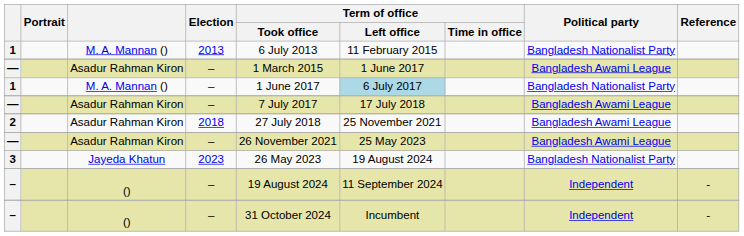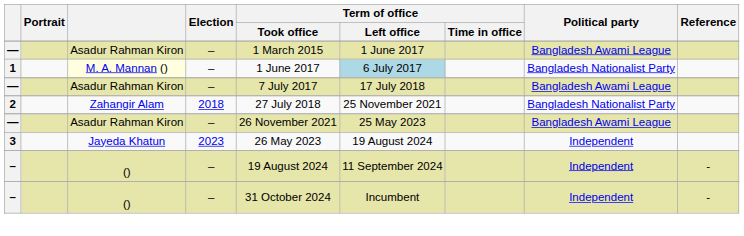 <table class="wikitable" style="text-align:center">
 <tr>
 <th rowspan="2"></th>
 <th rowspan="2">Portrait</th>
 <th rowspan="2"></th>
 <th rowspan="2">Election</th>
 <th colspan="3"><strong>Term of office</strong></th>
 <th rowspan="2"><strong>Political party</strong></th>
 <th rowspan="2"><strong>Reference</strong></th>
 </tr>
 <tr>
 <th><strong>Took office</strong></th>
 <th><strong>Left office</strong></th>
 <th><strong>Time in office</strong></th>
-</tr>
-<tr>
-<th style="background:">1</th>
-<td align=center></td>
-<td><a href='#'>M. A. Mannan</a> ()</td>
-<td><a href='#'>2013</a></td>
-<td align=center>6 July 2013</td>
-<td align=center>11 February 2015</td>
-<td></td>
-<td><a href='#'>Bangladesh Nationalist Party</a></td>
-<td></td>
 </tr>
 <tr>
 </tr>
 <tr style="background:#e6e6aa;">
 <th style="background:">—</th>
 <td align=center></td>
 <td>Asadur Rahman Kiron</td>
 <td>–</td>
 <td align=center>1 March 2015</td>
 <td align=center>1 June 2017</td>
 <td></td>
 <td><a href='#'>Bangladesh Awami League</a></td>
 <td></td>
 </tr>
 <tr>
 <th style="background:">1</th>
 <td align=center></td>
-<td><a href='#'>M. A. Mannan</a> ()</td>
+<td style="background: lightyellow;"><a href='#'>M. A. Mannan</a> ()</td>
 <td>–</td>
 <td align=center>1 June 2017</td>
 <td align=center style="background: lightblue;">6 July 2017</td>
 <td></td>
 <td><a href='#'>Bangladesh Nationalist Party</a></td>
 <td></td>
 </tr>
 <tr>
 </tr>
 <tr style="background:#e6e6aa;">
 <th style="background:">—</th>
 <td align=center></td>
 <td>Asadur Rahman Kiron</td>
 <td>–</td>
 <td align=center>7 July 2017</td>
 <td align=center>17 July 2018</td>
 <td></td>
 <td><a href='#'>Bangladesh Awami League</a></td>
 <td></td>
 </tr>
 <tr>
 </tr>
 <tr>
 <th style="background:">2</th>
 <td></td>
-<td>Asadur Rahman Kiron</td>
+<td><a href='#'>Zahangir Alam</a></td>
 <td><a href='#'>2018</a></td>
 <td align=center>27 July 2018</td>
 <td align=center>25 November 2021</td>
 <td></td>
-<td><a href='#'>Bangladesh Awami League</a></td>
+<td><a href='#'>Bangladesh Nationalist Party</a></td>
 <td></td>
 </tr>
 <tr>
 </tr>
 <tr style="background:#e6e6aa;">
 <th style="background:">—</th>
 <td align=center></td>
 <td>Asadur Rahman Kiron</td>
 <td>–</td>
 <td align=center>26 November 2021</td>
 <td align=center>25 May 2023</td>
 <td></td>
 <td><a href='#'>Bangladesh Awami League</a></td>
 <td></td>
 </tr>
 <tr>
 <th style="background:">3</th>
 <td></td>
 <td><a href='#'>Jayeda Khatun</a></td>
 <td><a href='#'>2023</a></td>
 <td align=center>26 May 2023</td>
 <td align=center>19 August 2024</td>
 <td></td>
-<td><a href='#'>Bangladesh Nationalist Party</a></td>
+<td><a href='#'>Independent</a></td>
 <td></td>
 </tr>
 <tr>
 </tr>
 <tr style="background:#e6e6aa;">
 <th style="background:">–</th>
 <td align=center></td>
 <td><br>()</td>
 <td>–</td>
 <td align=center>19 August 2024</td>
 <td align=center>11 ‍September 2024</td>
 <td></td>
 <td><a href='#'>Independent</a></td>
 <td>-</td>
 </tr>
 <tr>
 </tr>
 <tr style="background:#e6e6aa;">
 <th style="background:">–</th>
 <td align=center></td>
 <td><br>()</td>
 <td>–</td>
 <td align=center>31 October 2024</td>
 <td align=center>Incumbent</td>
 <td></td>
 <td><a href='#'>Independent</a></td>
 <td>-</td>
 </tr>
 </table>
